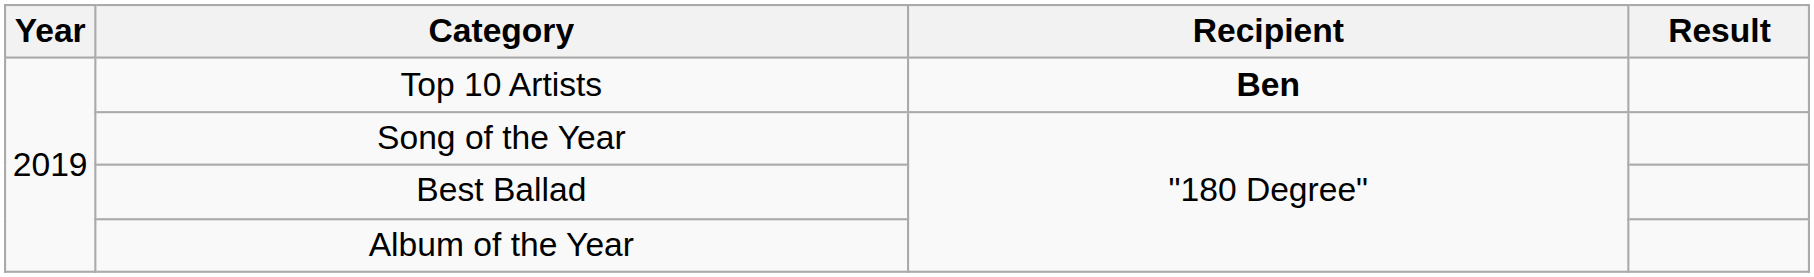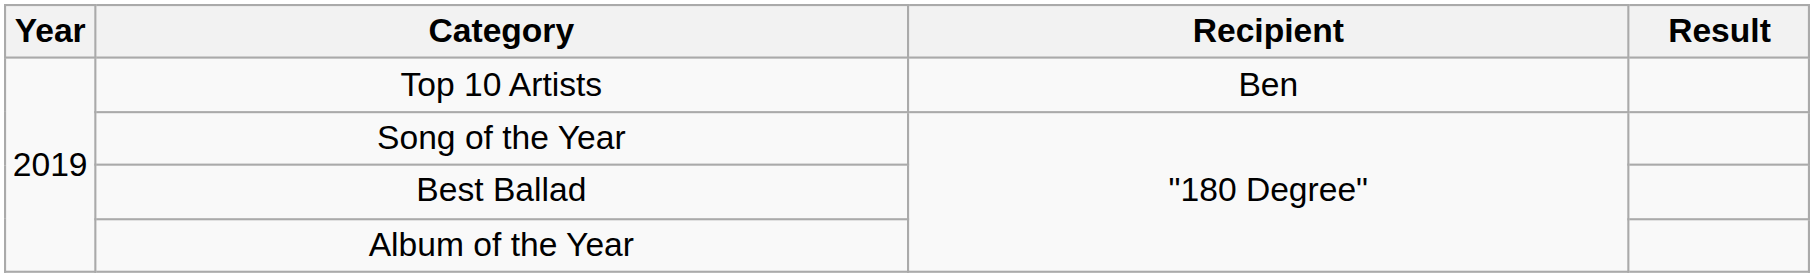 <table class="wikitable" style="text-align:center">
 <tr>
 <th width="5%">Year</th>
 <th width="45%">Category</th>
 <th width="40%">Recipient</th>
 <th width="10%">Result</th>
 </tr>
 <tr>
 <td rowspan="4">2019</td>
 <td>Top 10 Artists</td>
-<td><strong>Ben</strong></td>
+<td>Ben</td>
 <td></td>
 </tr>
 <tr>
 <td>Song of the Year</td>
 <td rowspan="3">"180 Degree"</td>
 <td></td>
 </tr>
 <tr>
 <td>Best Ballad</td>
 <td></td>
 </tr>
 <tr>
 <td>Album of the Year</td>
 <td></td>
 </tr>
 </table>
